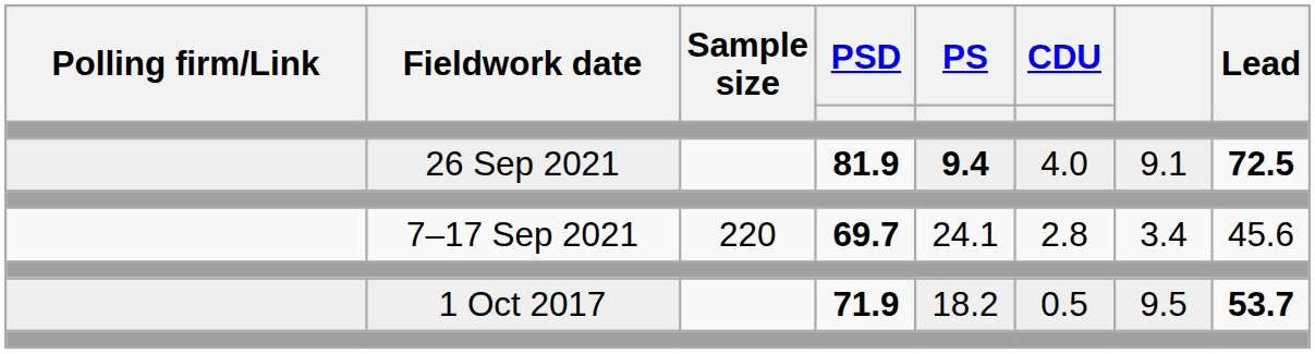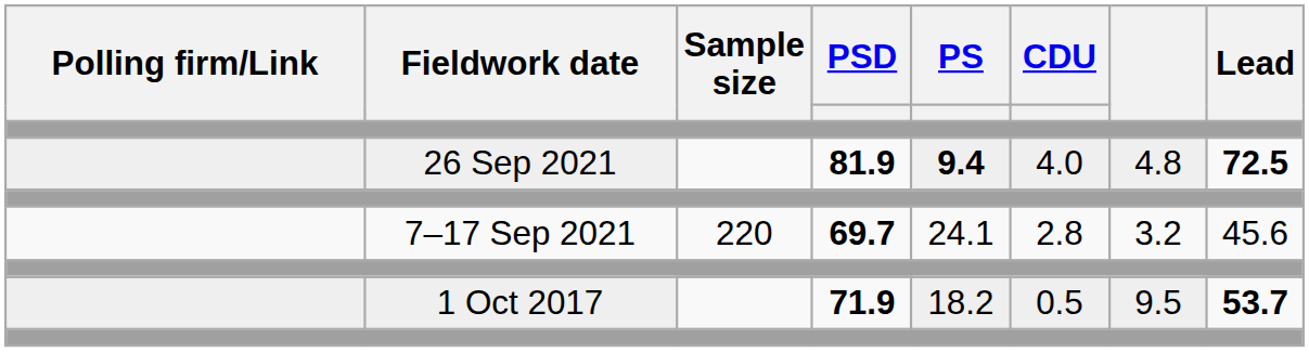 <table class="wikitable sortable mw-datatable" style="text-align:center;font-size:90%;line-height:16px;">
 <tr style="height:42px;">
 <th style="width:145px;" rowspan="2">Polling firm/Link</th>
 <th style="width:125px;" rowspan="2">Fieldwork date</th>
 <th class="unsortable" style="width:50px;" rowspan="2">Sample size</th>
 <th class="unsortable" style="width:35px;"><a href='#'>PSD</a></th>
 <th class="unsortable" style="width:35px;"><a href='#'>PS</a></th>
 <th class="unsortable" style="width:35px;"><a href='#'>CDU</a></th>
 <th class="unsortable" style="width:35px;" rowspan="2"></th>
 <th class="unsortable" style="width:30px;" rowspan="2">Lead</th>
 </tr>
 <tr>
 <th class="unsortable" style="color:inherit;background:"></th>
 <th class="unsortable" style="color:inherit;background:"></th>
 <th class="unsortable" style="color:inherit;background:"></th>
 </tr>
 <tr>
 <td colspan="12" style="background:#A0A0A0"></td>
 </tr>
 <tr>
 <td style="background:#EFEFEF;"><strong></strong></td>
 <td style="background:#EFEFEF;" data-sort-value="2019-10-06">26 Sep 2021</td>
 <td></td>
 <td><strong>81.9</strong><br></td>
 <td style="background:#EFEFEF;"><strong>9.4<br></strong></td>
 <td style="background:#EFEFEF;">4.0<br></td>
-<td style="background:#EFEFEF;">9.1</td>
+<td style="background:#EFEFEF;">4.8</td>
 <td style="background:"><strong>72.5</strong></td>
 </tr>
 <tr>
 <td colspan="12" style="background:#A0A0A0"></td>
 </tr>
 <tr>
 <td align="center"></td>
 <td align="center">7–17 Sep 2021</td>
 <td align="center">220</td>
 <td align="center" ><strong>69.7</strong></td>
 <td align="center">24.1</td>
 <td align="center">2.8</td>
-<td align="center">3.4</td>
+<td align="center">3.2</td>
 <td style="background:">45.6</td>
 </tr>
 <tr>
 <td colspan="12" style="background:#A0A0A0"></td>
 </tr>
 <tr>
 <td style="background:#EFEFEF;"><strong></strong></td>
 <td style="background:#EFEFEF;" data-sort-value="2019-10-06">1 Oct 2017</td>
 <td></td>
 <td><strong>71.9</strong><br></td>
 <td style="background:#EFEFEF;">18.2<br></td>
 <td style="background:#EFEFEF;">0.5<br></td>
 <td style="background:#EFEFEF;">9.5<br></td>
 <td style="background:"><strong>53.7</strong></td>
 </tr>
 <tr>
 <td colspan="12" style="background:#A0A0A0"></td>
 </tr>
 </table>
